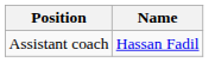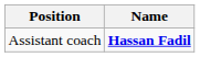 <table class="wikitable" style="text-align:center;">
 <tr>
 <th>Position</th>
 <th>Name</th>
 </tr>
 <tr>
 <td style="text-align:left;">Assistant coach</td>
-<td style="text-align:left;"> <a href='#'>Hassan Fadil</a></td>
+<td style="text-align:left;"><strong> <a href='#'>Hassan Fadil</a></strong></td>
 </tr>
 </table>
